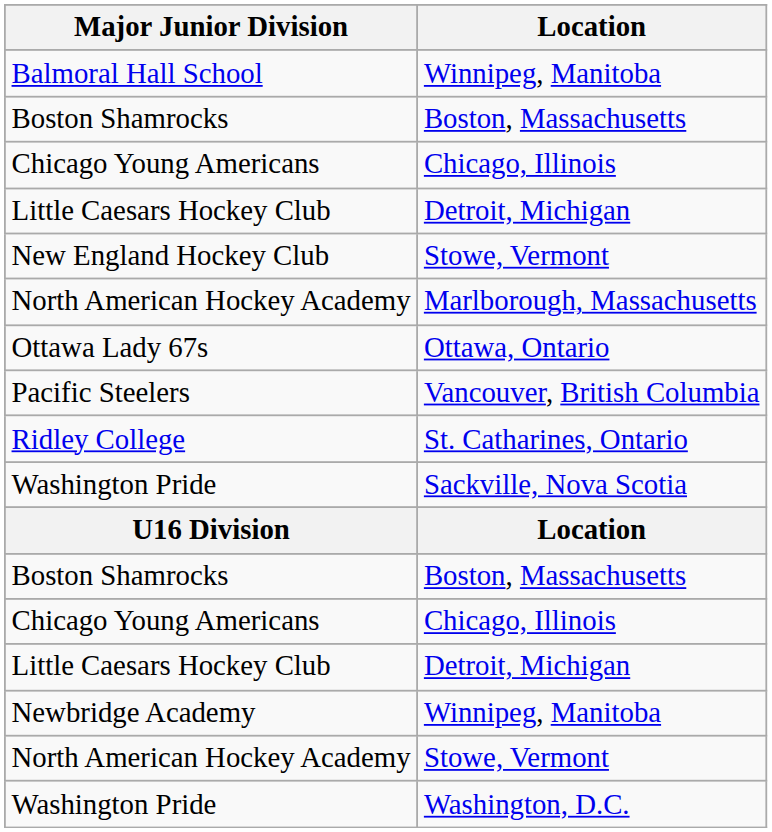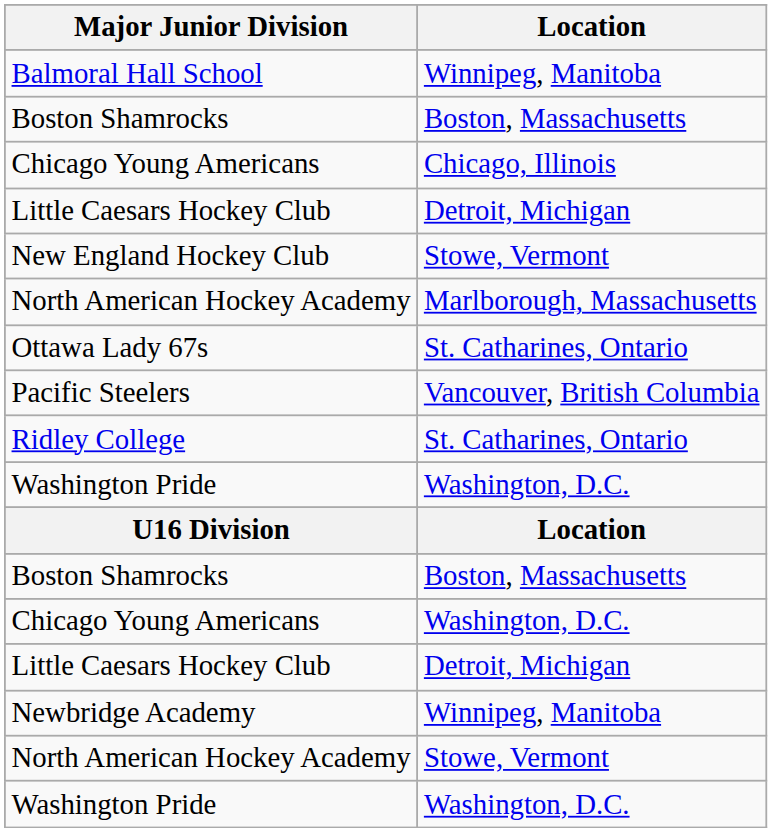 <table class="wikitable">
 <tr>
 <th>Major Junior Division</th>
 <th>Location</th>
 </tr>
 <tr>
 <td><a href='#'>Balmoral Hall School</a></td>
 <td><a href='#'>Winnipeg</a>, <a href='#'>Manitoba</a></td>
 </tr>
 <tr>
 <td>Boston Shamrocks</td>
 <td><a href='#'>Boston</a>, <a href='#'>Massachusetts</a></td>
 </tr>
 <tr>
 <td>Chicago Young Americans</td>
 <td><a href='#'>Chicago, Illinois</a></td>
 </tr>
 <tr>
 <td>Little Caesars Hockey Club</td>
 <td><a href='#'>Detroit, Michigan</a></td>
 </tr>
 <tr>
 <td>New England Hockey Club</td>
 <td><a href='#'>Stowe, Vermont</a></td>
 </tr>
 <tr>
 <td>North American Hockey Academy</td>
 <td><a href='#'>Marlborough, Massachusetts</a></td>
 </tr>
 <tr>
 <td>Ottawa Lady 67s</td>
-<td><a href='#'>Ottawa, Ontario</a></td>
+<td><a href='#'>St. Catharines, Ontario</a></td>
 </tr>
 <tr>
 <td>Pacific Steelers</td>
 <td><a href='#'>Vancouver</a>, <a href='#'>British Columbia</a></td>
 </tr>
 <tr>
 <td><a href='#'>Ridley College</a></td>
 <td><a href='#'>St. Catharines, Ontario</a></td>
 </tr>
 <tr>
 <td>Washington Pride</td>
-<td><a href='#'>Sackville, Nova Scotia</a></td>
+<td><a href='#'>Washington, D.C.</a></td>
 </tr>
 <tr>
 <th>U16 Division</th>
 <th>Location</th>
 </tr>
 <tr>
 <td>Boston Shamrocks</td>
 <td><a href='#'>Boston</a>, <a href='#'>Massachusetts</a></td>
 </tr>
 <tr>
 <td>Chicago Young Americans</td>
-<td><a href='#'>Chicago, Illinois</a></td>
+<td><a href='#'>Washington, D.C.</a></td>
 </tr>
 <tr>
 <td>Little Caesars Hockey Club</td>
 <td><a href='#'>Detroit, Michigan</a></td>
 </tr>
 <tr>
 <td>Newbridge Academy</td>
 <td><a href='#'>Winnipeg</a>, <a href='#'>Manitoba</a></td>
 </tr>
 <tr>
 <td>North American Hockey Academy</td>
 <td><a href='#'>Stowe, Vermont</a></td>
 </tr>
 <tr>
 <td>Washington Pride</td>
 <td><a href='#'>Washington, D.C.</a></td>
 </tr>
 </table>
